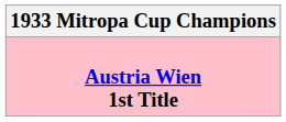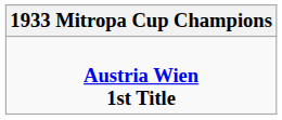 <table class=wikitable style="text-align:center; margin:auto">
 <tr>
 <th>1933 Mitropa Cup Champions</th>
 </tr>
 <tr>
-<td style="background: pink;"> <br> <strong><a href='#'>Austria Wien</a></strong> <br> <strong>1st Title</strong></td>
+<td> <br> <strong><a href='#'>Austria Wien</a></strong> <br> <strong>1st Title</strong></td>
 </tr>
 </table>
